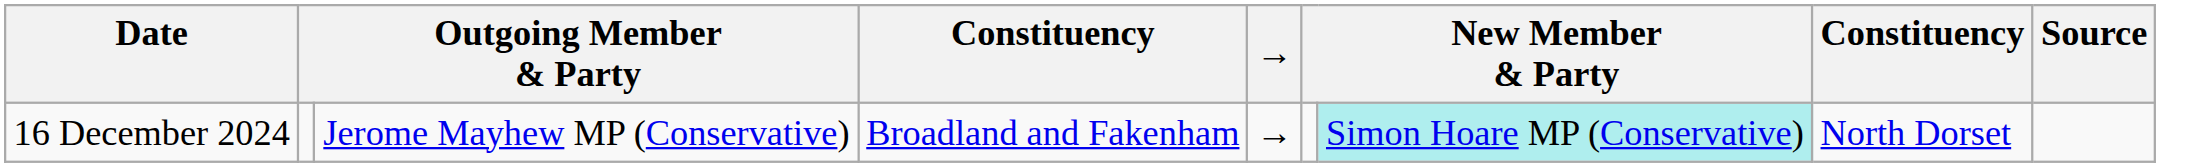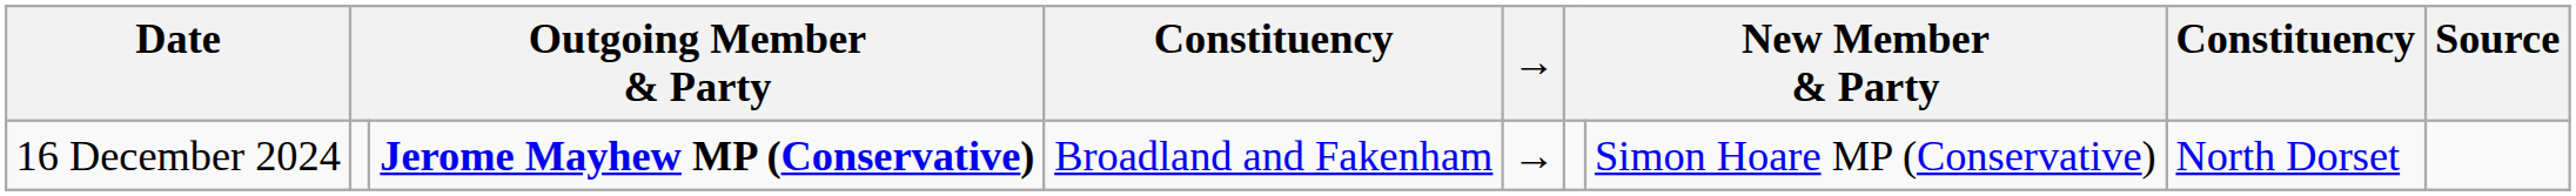 <table class="wikitable">
 <tr>
 <th valign="top">Date</th>
 <th colspan="2" valign="top">Outgoing Member<br>& Party</th>
 <th valign="top">Constituency</th>
 <th>→</th>
 <th colspan="2" valign="top">New Member<br>& Party</th>
 <th valign="top">Constituency</th>
 <th valign="top">Source</th>
 </tr>
 <tr>
 <td nowrap="">16 December 2024</td>
 <td style="color:inherit;background:"></td>
-<td><a href='#'>Jerome Mayhew</a> MP (<a href='#'>Conservative</a>)</td>
+<td><strong><a href='#'>Jerome Mayhew</a> MP (<a href='#'>Conservative</a>)</strong></td>
 <td><a href='#'>Broadland and Fakenham</a></td>
 <td>→</td>
 <td style="color:inherit;background:"></td>
-<td style="background: paleturquoise;"><a href='#'>Simon Hoare</a> MP (<a href='#'>Conservative</a>)</td>
+<td><a href='#'>Simon Hoare</a> MP (<a href='#'>Conservative</a>)</td>
 <td><a href='#'>North Dorset</a></td>
 <td></td>
 </tr>
 </table>
